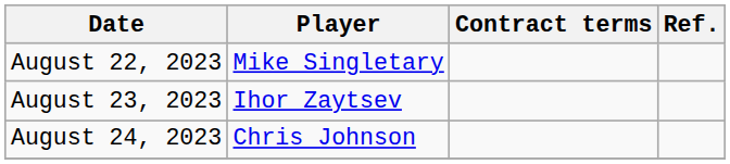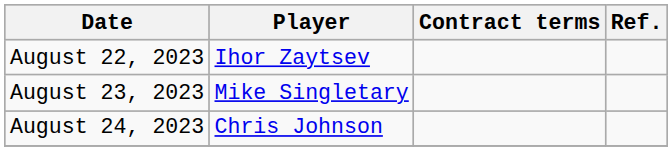 <table class="wikitable">
 <tr>
 <th>Date</th>
 <th>Player</th>
 <th>Contract terms</th>
 <th>Ref.</th>
 </tr>
 <tr>
 <td>August 22, 2023</td>
-<td><a href='#'>Mike Singletary</a></td>
+<td><a href='#'>Ihor Zaytsev</a></td>
 <td></td>
 <td></td>
 </tr>
 <tr>
 <td>August 23, 2023</td>
-<td><a href='#'>Ihor Zaytsev</a></td>
+<td><a href='#'>Mike Singletary</a></td>
 <td></td>
 <td></td>
 </tr>
 <tr>
 <td>August 24, 2023</td>
 <td><a href='#'>Chris Johnson</a></td>
 <td></td>
 <td></td>
 </tr>
 <tr>
 </tr>
 </table>
